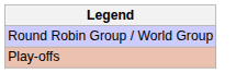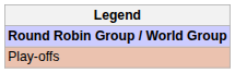 <table class=wikitable>
 <tr>
 <th>Legend</th>
 </tr>
 <tr>
-<td bgcolor=#CCCCFF>Round Robin Group / World Group</td>
+<td bgcolor=#CCCCFF><strong>Round Robin Group / World Group</strong></td>
 </tr>
 <tr>
 <td bgcolor=#EBC2AF>Play-offs</td>
 </tr>
 </table>
